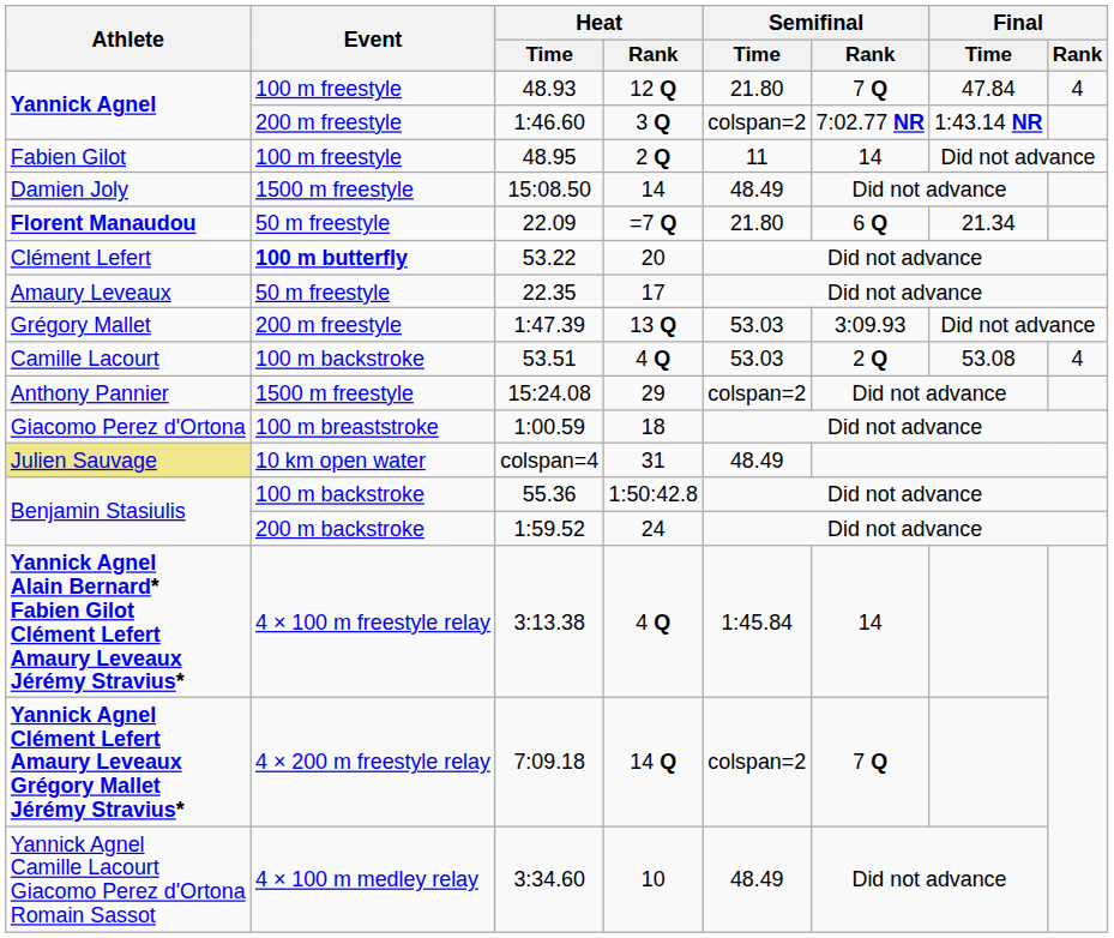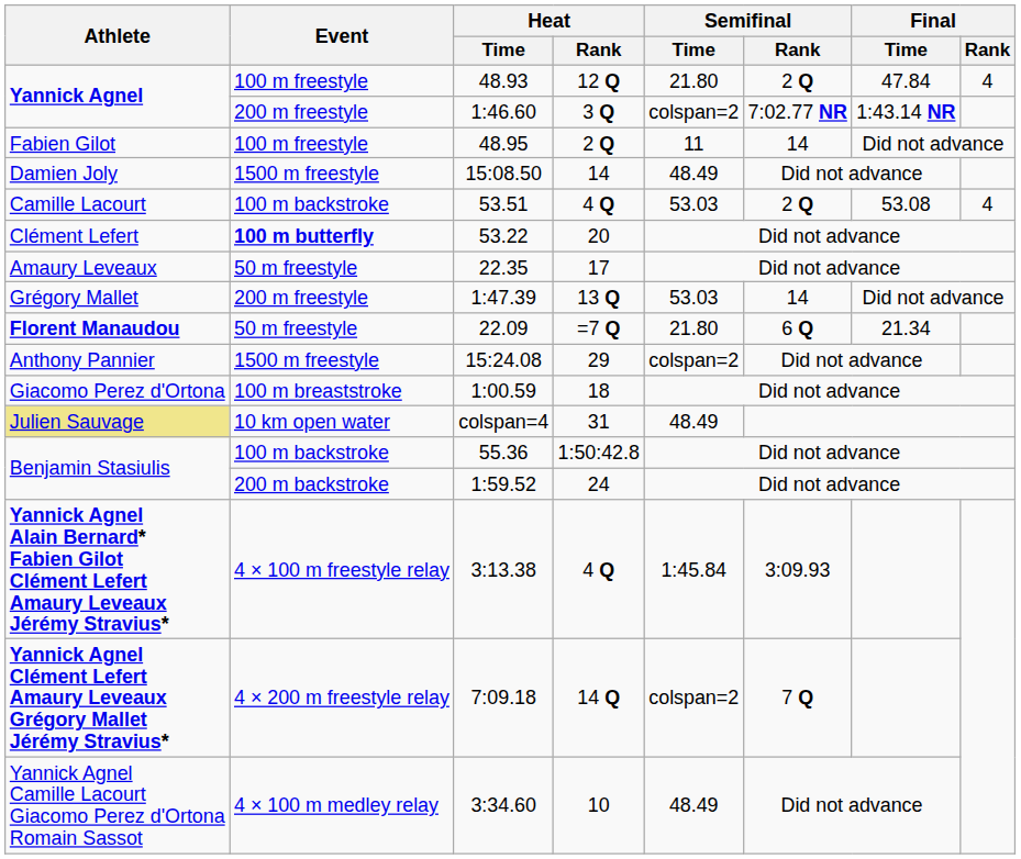 <table class=wikitable style="font-size:90%">
 <tr>
 <th rowspan="2">Athlete</th>
 <th rowspan="2">Event</th>
 <th colspan="2">Heat</th>
 <th colspan="2">Semifinal</th>
 <th colspan="2">Final</th>
 </tr>
 <tr style="font-size:95%">
 <th>Time</th>
 <th>Rank</th>
 <th>Time</th>
 <th>Rank</th>
 <th>Time</th>
 <th>Rank</th>
 </tr>
 <tr align=center>
 <td align=left rowspan=2><strong><a href='#'>Yannick Agnel</a></strong></td>
 <td align=left><a href='#'>100 m freestyle</a></td>
 <td>48.93</td>
 <td>12 <strong>Q</strong></td>
 <td>21.80</td>
-<td>7 <strong>Q</strong></td>
+<td>2 <strong>Q</strong></td>
 <td>47.84</td>
 <td>4</td>
 </tr>
 <tr align=center>
 <td align=left><a href='#'>200 m freestyle</a></td>
 <td>1:46.60</td>
 <td>3 <strong>Q</strong></td>
 <td>colspan=2 </td>
 <td>7:02.77 <strong><a href='#'>NR</a></strong></td>
 <td>1:43.14 <strong><a href='#'>NR</a></strong></td>
 <td></td>
 </tr>
 <tr align=center>
 <td align=left><a href='#'>Fabien Gilot</a></td>
 <td align=left><a href='#'>100 m freestyle</a></td>
 <td>48.95</td>
 <td>2 <strong>Q</strong></td>
 <td>11</td>
 <td>14</td>
 <td colspan=2>Did not advance</td>
 </tr>
 <tr align=center>
 <td align=left><a href='#'>Damien Joly</a></td>
 <td align=left><a href='#'>1500 m freestyle</a></td>
 <td>15:08.50</td>
 <td>14</td>
 <td>48.49</td>
 <td colspan=2>Did not advance</td>
 </tr>
 <tr align=center>
-<td align=left><strong><a href='#'>Florent Manaudou</a></strong></td>
-<td align=left><a href='#'>50 m freestyle</a></td>
-<td>22.09</td>
-<td>=7 <strong>Q</strong></td>
-<td>21.80</td>
-<td>6 <strong>Q</strong></td>
-<td>21.34</td>
-<td></td>
+<td align=left><a href='#'>Camille Lacourt</a></td>
+<td align=left><a href='#'>100 m backstroke</a></td>
+<td>53.51</td>
+<td>4 <strong>Q</strong></td>
+<td>53.03</td>
+<td>2 <strong>Q</strong></td>
+<td>53.08</td>
+<td>4</td>
 </tr>
 <tr align=center>
 <td align=left><a href='#'>Clément Lefert</a></td>
 <td align=left><strong><a href='#'>100 m butterfly</a></strong></td>
 <td>53.22</td>
 <td>20</td>
 <td colspan=4>Did not advance</td>
 </tr>
 <tr align=center>
 <td align=left><a href='#'>Amaury Leveaux</a></td>
 <td align=left><a href='#'>50 m freestyle</a></td>
 <td>22.35</td>
 <td>17</td>
 <td colspan=4>Did not advance</td>
 </tr>
 <tr align=center>
 <td align=left><a href='#'>Grégory Mallet</a></td>
 <td align=left><a href='#'>200 m freestyle</a></td>
 <td>1:47.39</td>
 <td>13 <strong>Q</strong></td>
 <td>53.03</td>
-<td>3:09.93</td>
+<td>14</td>
 <td colspan=2>Did not advance</td>
 </tr>
 <tr align=center>
-<td align=left><a href='#'>Camille Lacourt</a></td>
-<td align=left><a href='#'>100 m backstroke</a></td>
-<td>53.51</td>
-<td>4 <strong>Q</strong></td>
-<td>53.03</td>
-<td>2 <strong>Q</strong></td>
-<td>53.08</td>
-<td>4</td>
+<td align=left><strong><a href='#'>Florent Manaudou</a></strong></td>
+<td align=left><a href='#'>50 m freestyle</a></td>
+<td>22.09</td>
+<td>=7 <strong>Q</strong></td>
+<td>21.80</td>
+<td>6 <strong>Q</strong></td>
+<td>21.34</td>
+<td></td>
 </tr>
 <tr align=center>
 <td align=left><a href='#'>Anthony Pannier</a></td>
 <td align=left><a href='#'>1500 m freestyle</a></td>
 <td>15:24.08</td>
 <td>29</td>
 <td>colspan=2 </td>
 <td colspan=2>Did not advance</td>
 </tr>
 <tr align=center>
 <td align=left><a href='#'>Giacomo Perez d'Ortona</a></td>
 <td align=left><a href='#'>100 m breaststroke</a></td>
 <td>1:00.59</td>
 <td>18</td>
 <td colspan=4>Did not advance</td>
 </tr>
 <tr align=center>
 <td align=left style="background: khaki;"><a href='#'>Julien Sauvage</a></td>
 <td align=left><a href='#'>10 km open water</a></td>
 <td>colspan=4 </td>
 <td>31</td>
 <td>48.49</td>
 </tr>
 <tr align=center>
 <td align=left rowspan=2><a href='#'>Benjamin Stasiulis</a></td>
 <td align=left><a href='#'>100 m backstroke</a></td>
 <td>55.36</td>
 <td>1:50:42.8</td>
 <td colspan=4>Did not advance</td>
 </tr>
 <tr align=center>
 <td align=left><a href='#'>200 m backstroke</a></td>
 <td>1:59.52</td>
 <td>24</td>
 <td colspan=4>Did not advance</td>
 </tr>
 <tr align=center>
 <td align=left><strong><a href='#'>Yannick Agnel</a><br><a href='#'>Alain Bernard</a>*<br><a href='#'>Fabien Gilot</a><br><a href='#'>Clément Lefert</a><br><a href='#'>Amaury Leveaux</a><br><a href='#'>Jérémy Stravius</a>*</strong></td>
 <td align=left><a href='#'>4 × 100 m freestyle relay</a></td>
 <td>3:13.38</td>
 <td>4 <strong>Q</strong></td>
 <td>1:45.84</td>
-<td>14</td>
+<td>3:09.93</td>
 <td></td>
 </tr>
 <tr align=center>
 <td align=left><strong><a href='#'>Yannick Agnel</a><br><a href='#'>Clément Lefert</a><br><a href='#'>Amaury Leveaux</a><br><a href='#'>Grégory Mallet</a><br><a href='#'>Jérémy Stravius</a>*</strong></td>
 <td align=left><a href='#'>4 × 200 m freestyle relay</a></td>
 <td>7:09.18</td>
 <td>14 <strong>Q</strong></td>
 <td>colspan=2 </td>
 <td>7 <strong>Q</strong></td>
 <td></td>
 </tr>
 <tr align=center>
 <td align=left><a href='#'>Yannick Agnel</a><br><a href='#'>Camille Lacourt</a><br><a href='#'>Giacomo Perez d'Ortona</a><br><a href='#'>Romain Sassot</a></td>
 <td align=left><a href='#'>4 × 100 m medley relay</a></td>
 <td>3:34.60</td>
 <td>10</td>
 <td>48.49</td>
 <td colspan=2>Did not advance</td>
 </tr>
 </table>
